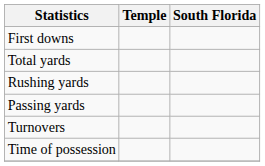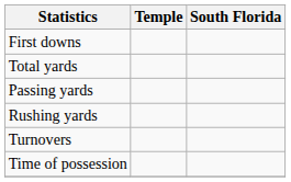 <table class="wikitable">
 <tr>
 <th>Statistics</th>
 <th>Temple</th>
 <th>South Florida</th>
 </tr>
 <tr>
 <td>First downs</td>
 <td> </td>
 <td> </td>
 </tr>
 <tr>
 <td>Total yards</td>
 <td> </td>
 <td> </td>
 </tr>
 <tr>
-<td>Rushing yards</td>
+<td>Passing yards</td>
 <td> </td>
 <td> </td>
 </tr>
 <tr>
-<td>Passing yards</td>
+<td>Rushing yards</td>
 <td> </td>
 <td> </td>
 </tr>
 <tr>
 <td>Turnovers</td>
 <td> </td>
 <td> </td>
 </tr>
 <tr>
 <td>Time of possession</td>
 <td> </td>
 <td> </td>
 </tr>
 <tr>
 </tr>
 </table>
